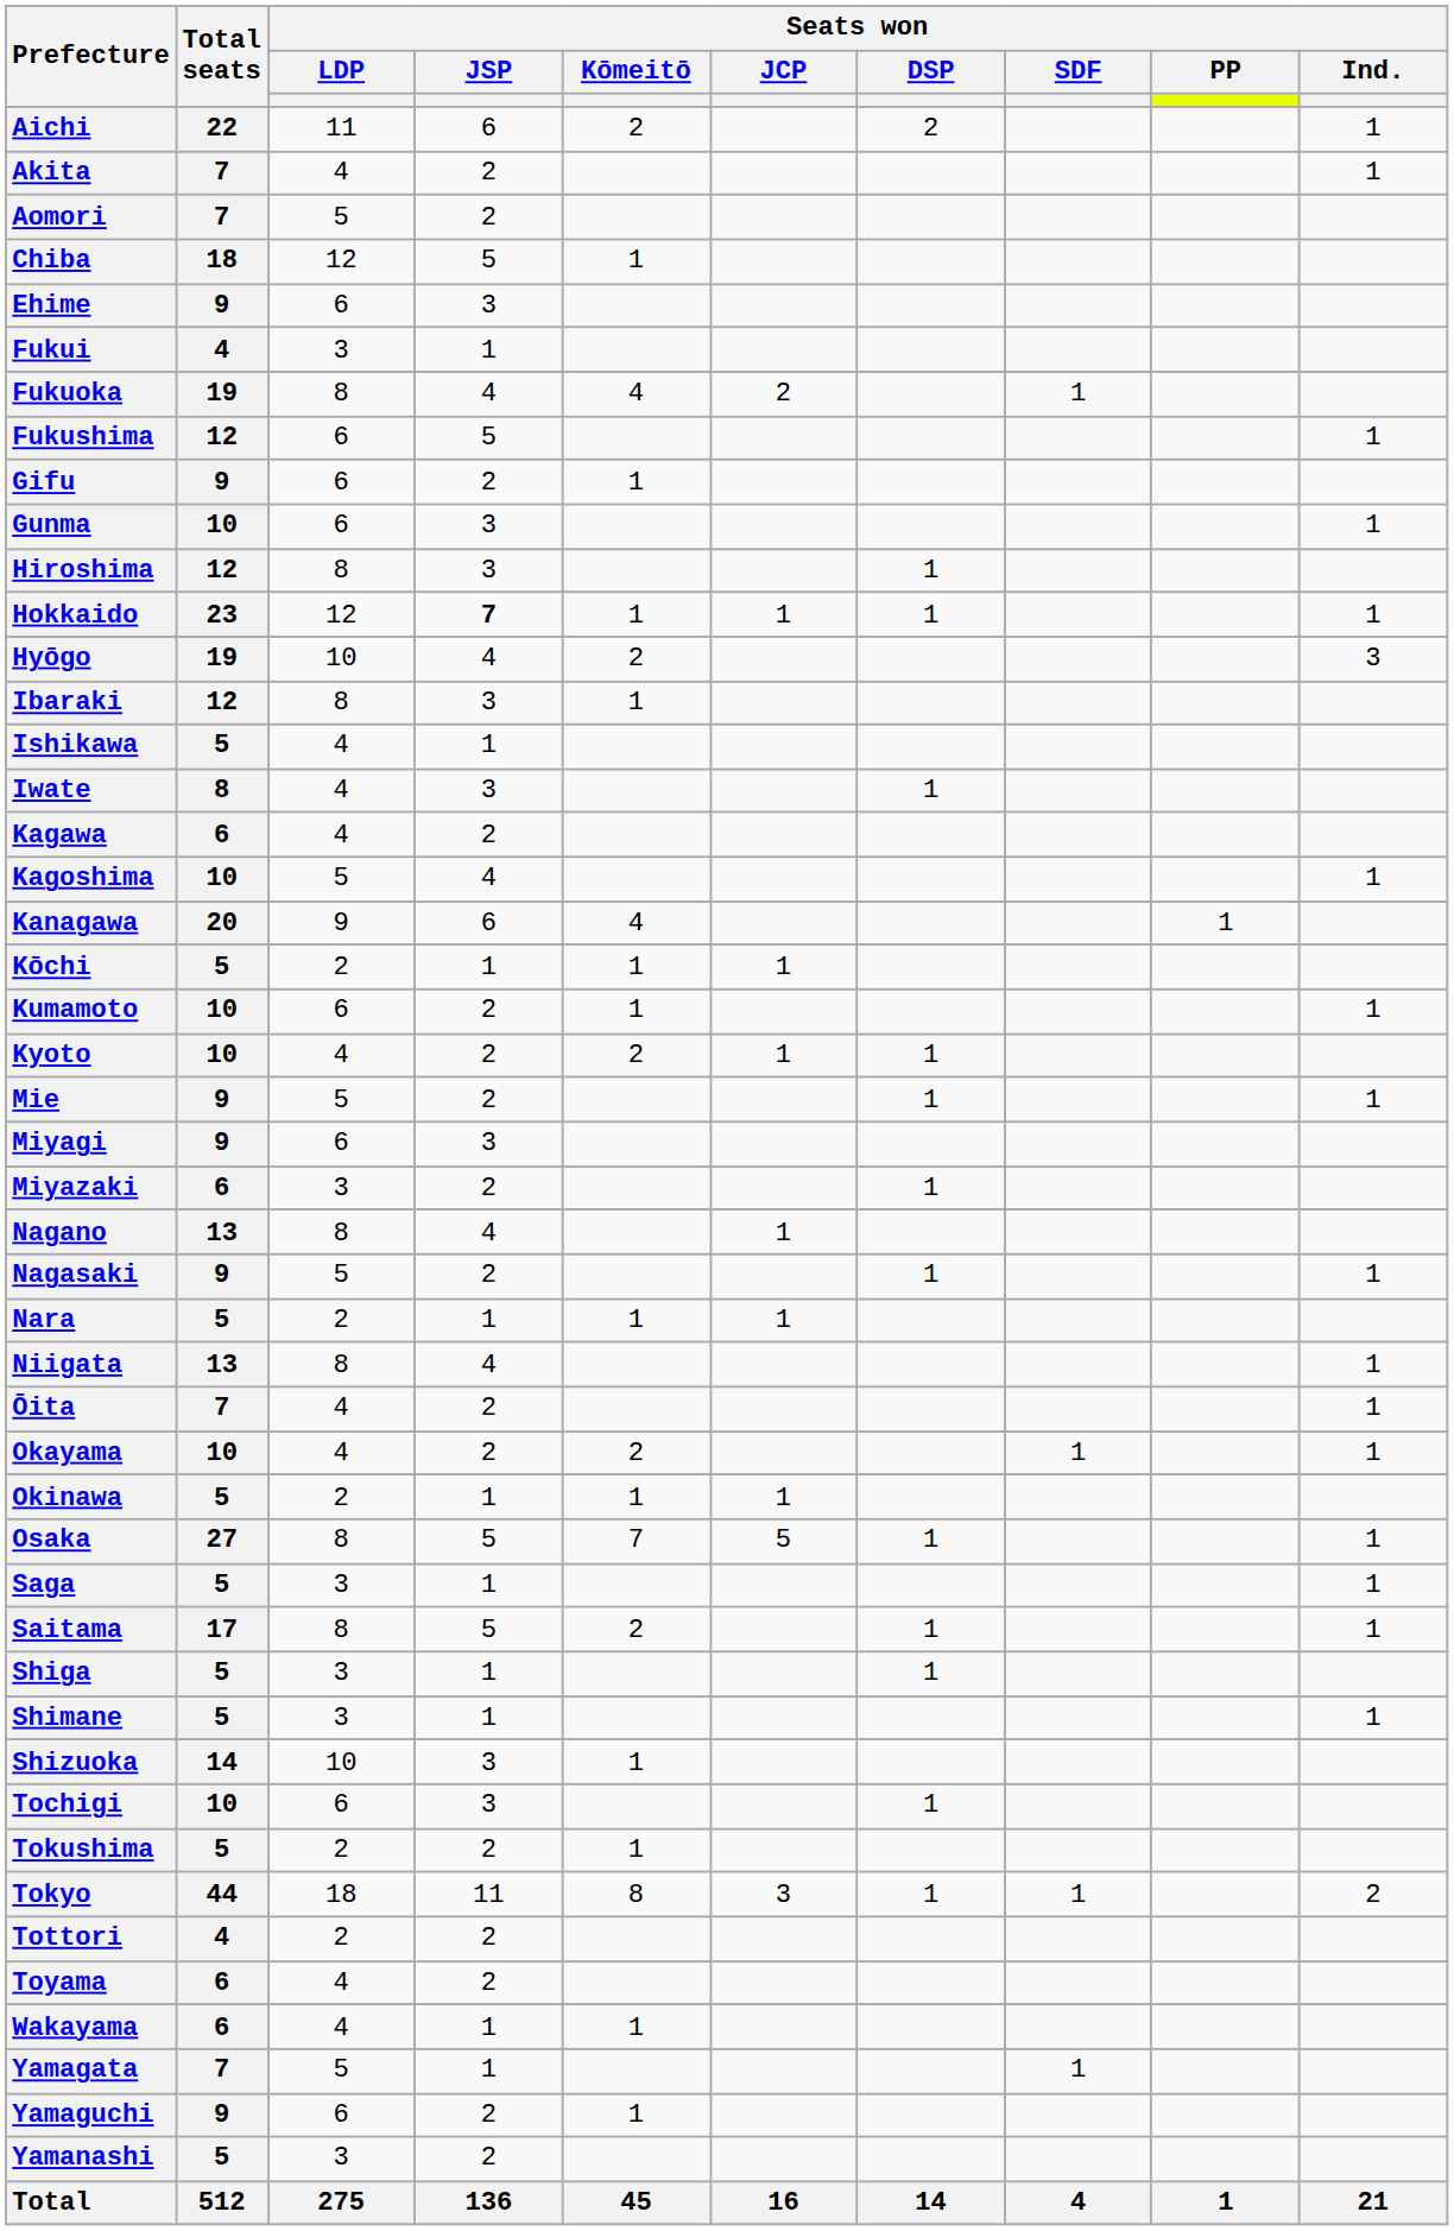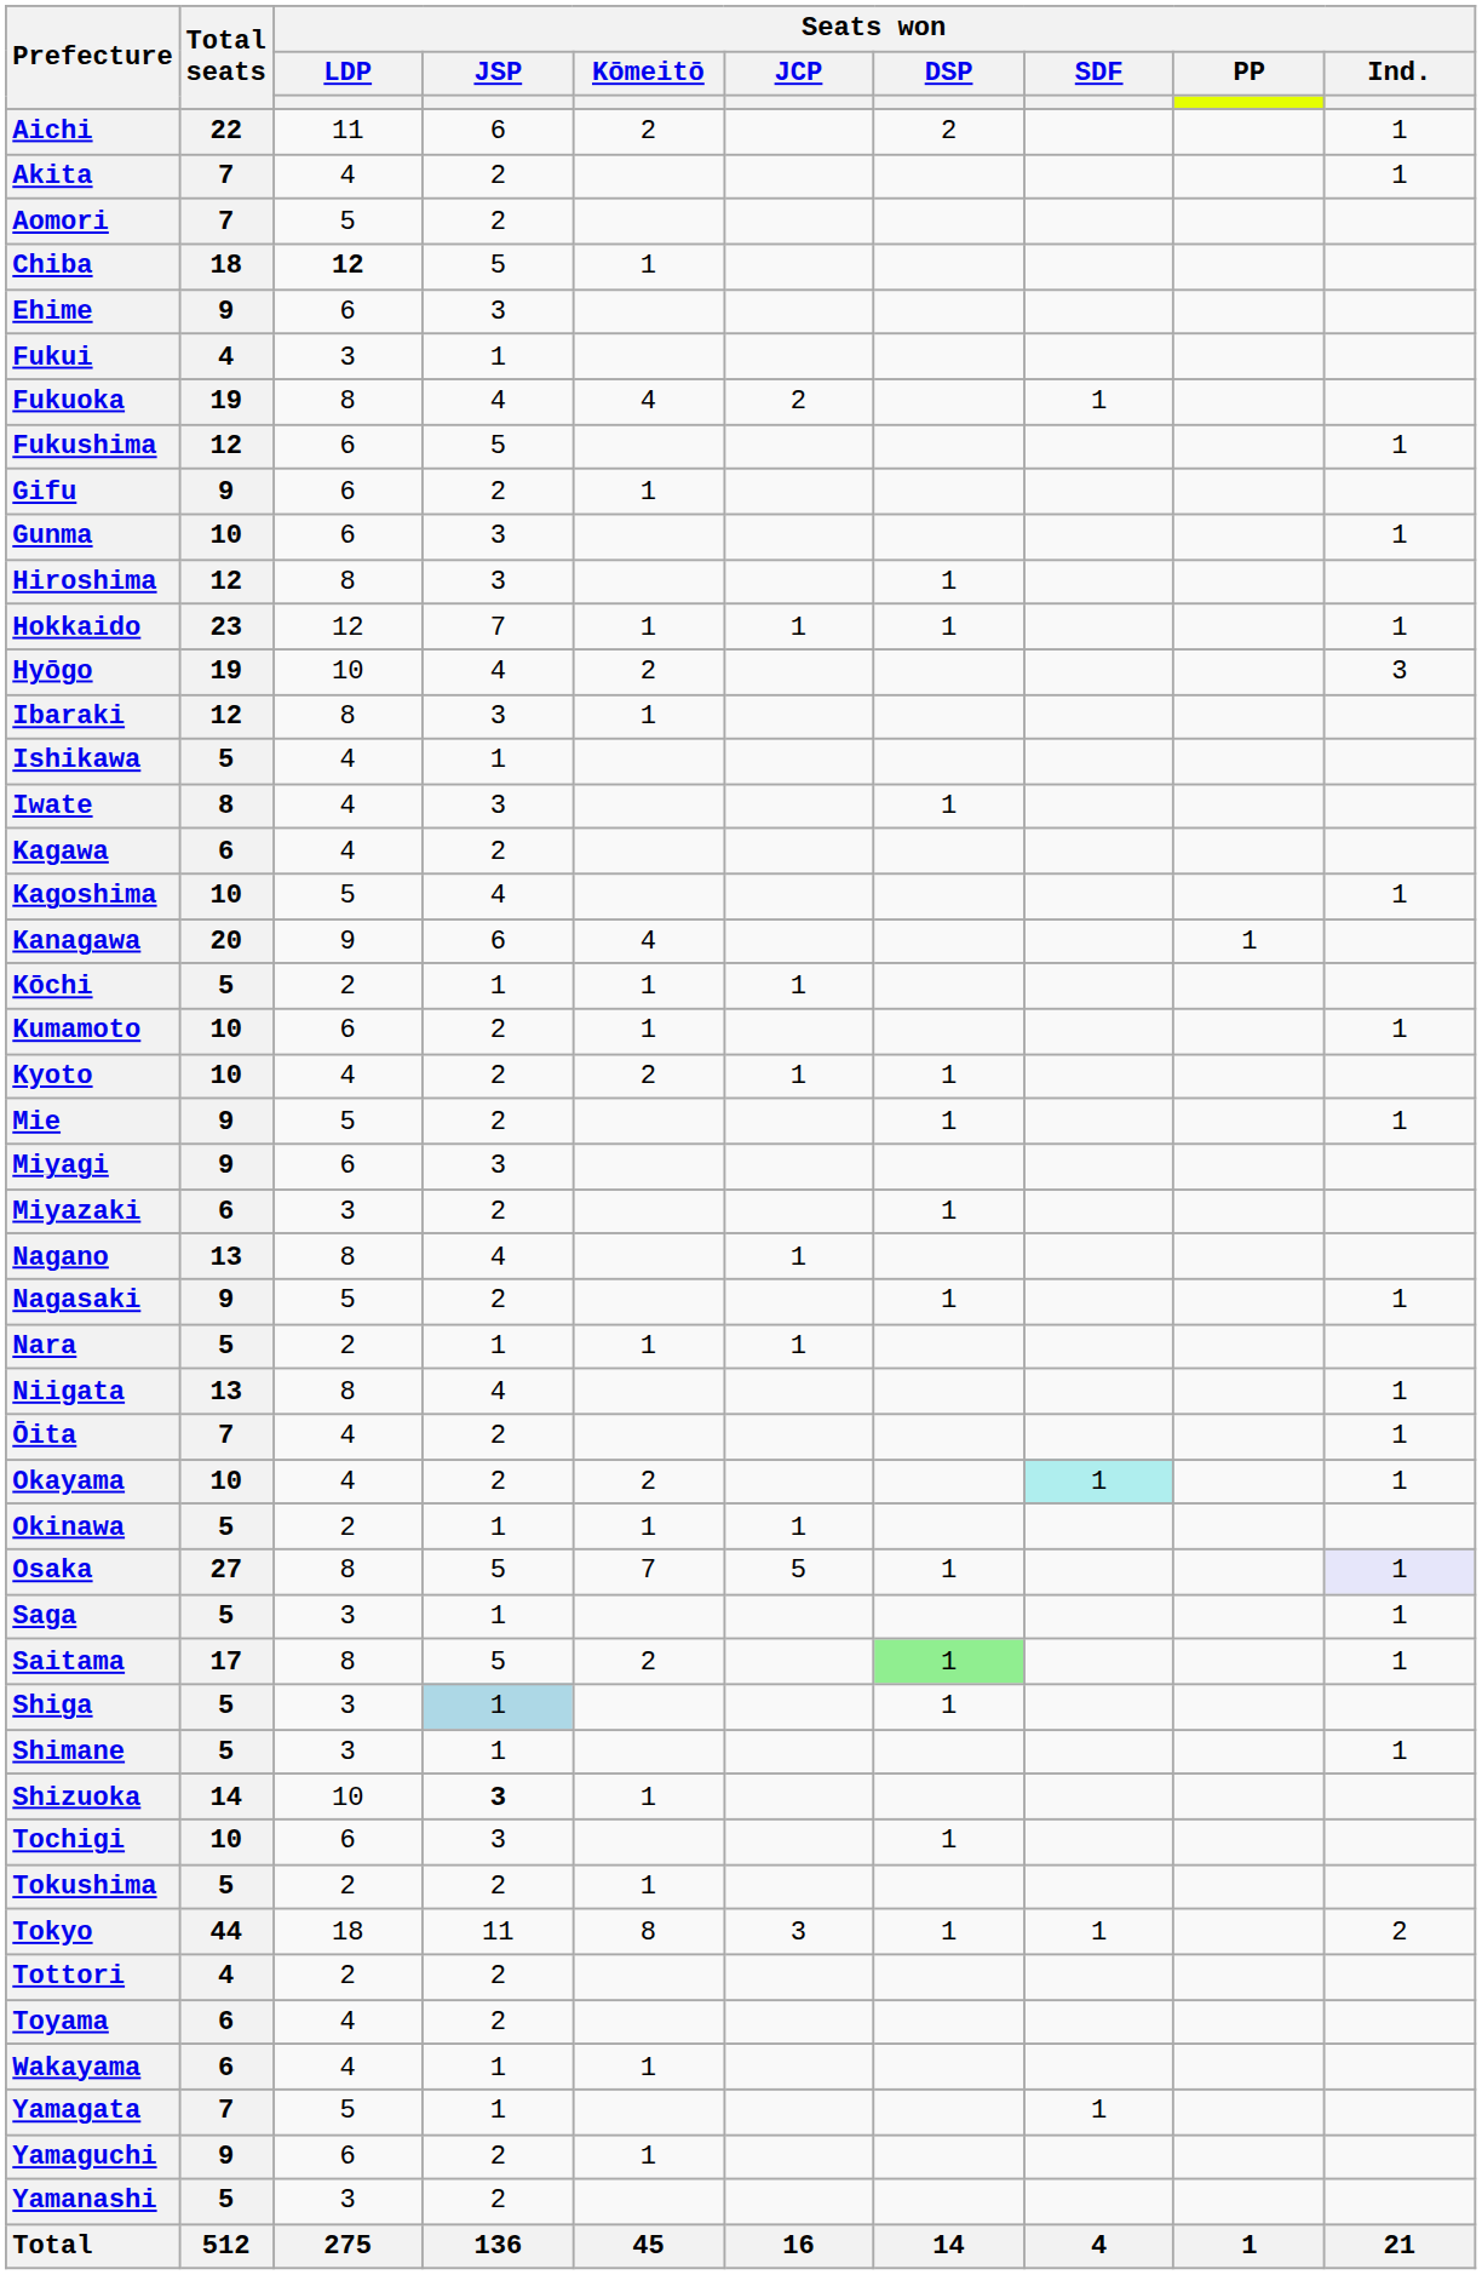 <table class="wikitable" style="text-align:center; font-size: 0.9em;">
 <tr>
 <th rowspan="3">Prefecture</th>
 <th rowspan="3">Total<br>seats</th>
 <th colspan="8">Seats won</th>
 </tr>
 <tr>
 <th class="unsortable" style="width:60px;"><a href='#'>LDP</a></th>
 <th class="unsortable" style="width:60px;"><a href='#'>JSP</a></th>
 <th class="unsortable" style="width:60px;"><a href='#'>Kōmeitō</a></th>
 <th class="unsortable" style="width:60px;"><a href='#'>JCP</a></th>
 <th class="unsortable" style="width:60px;"><a href='#'>DSP</a></th>
 <th class="unsortable" style="width:60px;"><a href='#'>SDF</a></th>
 <th class="unsortable" style="width:60px;">PP</th>
 <th class="unsortable" style="width:60px;">Ind.</th>
 </tr>
 <tr>
 <th style="background:"></th>
 <th style="background:"></th>
 <th style="background:"></th>
 <th style="background:"></th>
 <th style="background:"></th>
 <th style="background:"></th>
 <th style="background:#E5FF00;"></th>
 <th style="background:"></th>
 </tr>
 <tr>
 <th style="text-align: left;"><a href='#'>Aichi</a></th>
 <th>22</th>
 <td>11</td>
 <td>6</td>
 <td>2</td>
 <td></td>
 <td>2</td>
 <td></td>
 <td></td>
 <td>1</td>
 </tr>
 <tr>
 <th style="text-align: left;"><a href='#'>Akita</a></th>
 <th>7</th>
 <td>4</td>
 <td>2</td>
 <td></td>
 <td></td>
 <td></td>
 <td></td>
 <td></td>
 <td>1</td>
 </tr>
 <tr>
 <th style="text-align: left;"><a href='#'>Aomori</a></th>
 <th>7</th>
 <td>5</td>
 <td>2</td>
 <td></td>
 <td></td>
 <td></td>
 <td></td>
 <td></td>
 <td></td>
 </tr>
 <tr>
 <th style="text-align: left;"><a href='#'>Chiba</a></th>
 <th>18</th>
-<td>12</td>
+<td><strong>12</strong></td>
 <td>5</td>
 <td>1</td>
 <td></td>
 <td></td>
 <td></td>
 <td></td>
 <td></td>
 </tr>
 <tr>
 <th style="text-align: left;"><a href='#'>Ehime</a></th>
 <th>9</th>
 <td>6</td>
 <td>3</td>
 <td></td>
 <td></td>
 <td></td>
 <td></td>
 <td></td>
 <td></td>
 </tr>
 <tr>
 <th style="text-align: left;"><a href='#'>Fukui</a></th>
 <th>4</th>
 <td>3</td>
 <td>1</td>
 <td></td>
 <td></td>
 <td></td>
 <td></td>
 <td></td>
 <td></td>
 </tr>
 <tr>
 <th style="text-align: left;"><a href='#'>Fukuoka</a></th>
 <th>19</th>
 <td>8</td>
 <td>4</td>
 <td>4</td>
 <td>2</td>
 <td></td>
 <td>1</td>
 <td></td>
 <td></td>
 </tr>
 <tr>
 <th style="text-align: left;"><a href='#'>Fukushima</a></th>
 <th>12</th>
 <td>6</td>
 <td>5</td>
 <td></td>
 <td></td>
 <td></td>
 <td></td>
 <td></td>
 <td>1</td>
 </tr>
 <tr>
 <th style="text-align: left;"><a href='#'>Gifu</a></th>
 <th>9</th>
 <td>6</td>
 <td>2</td>
 <td>1</td>
 <td></td>
 <td></td>
 <td></td>
 <td></td>
 <td></td>
 </tr>
 <tr>
 <th style="text-align: left;"><a href='#'>Gunma</a></th>
 <th>10</th>
 <td>6</td>
 <td>3</td>
 <td></td>
 <td></td>
 <td></td>
 <td></td>
 <td></td>
 <td>1</td>
 </tr>
 <tr>
 <th style="text-align: left;"><a href='#'>Hiroshima</a></th>
 <th>12</th>
 <td>8</td>
 <td>3</td>
 <td></td>
 <td></td>
 <td>1</td>
 <td></td>
 <td></td>
 <td></td>
 </tr>
 <tr>
 <th style="text-align: left;"><a href='#'>Hokkaido</a></th>
 <th>23</th>
 <td>12</td>
-<td><strong>7</strong></td>
+<td>7</td>
 <td>1</td>
 <td>1</td>
 <td>1</td>
 <td></td>
 <td></td>
 <td>1</td>
 </tr>
 <tr>
 <th style="text-align: left;"><a href='#'>Hyōgo</a></th>
 <th>19</th>
 <td>10</td>
 <td>4</td>
 <td>2</td>
 <td></td>
 <td></td>
 <td></td>
 <td></td>
 <td>3</td>
 </tr>
 <tr>
 <th style="text-align: left;"><a href='#'>Ibaraki</a></th>
 <th>12</th>
 <td>8</td>
 <td>3</td>
 <td>1</td>
 <td></td>
 <td></td>
 <td></td>
 <td></td>
 <td></td>
 </tr>
 <tr>
 <th style="text-align: left;"><a href='#'>Ishikawa</a></th>
 <th>5</th>
 <td>4</td>
 <td>1</td>
 <td></td>
 <td></td>
 <td></td>
 <td></td>
 <td></td>
 <td></td>
 </tr>
 <tr>
 <th style="text-align: left;"><a href='#'>Iwate</a></th>
 <th>8</th>
 <td>4</td>
 <td>3</td>
 <td></td>
 <td></td>
 <td>1</td>
 <td></td>
 <td></td>
 <td></td>
 </tr>
 <tr>
 <th style="text-align: left;"><a href='#'>Kagawa</a></th>
 <th>6</th>
 <td>4</td>
 <td>2</td>
 <td></td>
 <td></td>
 <td></td>
 <td></td>
 <td></td>
 <td></td>
 </tr>
 <tr>
 <th style="text-align: left;"><a href='#'>Kagoshima</a></th>
 <th>10</th>
 <td>5</td>
 <td>4</td>
 <td></td>
 <td></td>
 <td></td>
 <td></td>
 <td></td>
 <td>1</td>
 </tr>
 <tr>
 <th style="text-align: left;"><a href='#'>Kanagawa</a></th>
 <th>20</th>
 <td>9</td>
 <td>6</td>
 <td>4</td>
 <td></td>
 <td></td>
 <td></td>
 <td>1</td>
 <td></td>
 </tr>
 <tr>
 <th style="text-align: left;"><a href='#'>Kōchi</a></th>
 <th>5</th>
 <td>2</td>
 <td>1</td>
 <td>1</td>
 <td>1</td>
 <td></td>
 <td></td>
 <td></td>
 <td></td>
 </tr>
 <tr>
 <th style="text-align: left;"><a href='#'>Kumamoto</a></th>
 <th>10</th>
 <td>6</td>
 <td>2</td>
 <td>1</td>
 <td></td>
 <td></td>
 <td></td>
 <td></td>
 <td>1</td>
 </tr>
 <tr>
 <th style="text-align: left;"><a href='#'>Kyoto</a></th>
 <th>10</th>
 <td>4</td>
 <td>2</td>
 <td>2</td>
 <td>1</td>
 <td>1</td>
 <td></td>
 <td></td>
 <td></td>
 </tr>
 <tr>
 <th style="text-align: left;"><a href='#'>Mie</a></th>
 <th>9</th>
 <td>5</td>
 <td>2</td>
 <td></td>
 <td></td>
 <td>1</td>
 <td></td>
 <td></td>
 <td>1</td>
 </tr>
 <tr>
 <th style="text-align: left;"><a href='#'>Miyagi</a></th>
 <th>9</th>
 <td>6</td>
 <td>3</td>
 <td></td>
 <td></td>
 <td></td>
 <td></td>
 <td></td>
 <td></td>
 </tr>
 <tr>
 <th style="text-align: left;"><a href='#'>Miyazaki</a></th>
 <th>6</th>
 <td>3</td>
 <td>2</td>
 <td></td>
 <td></td>
 <td>1</td>
 <td></td>
 <td></td>
 <td></td>
 </tr>
 <tr>
 <th style="text-align: left;"><a href='#'>Nagano</a></th>
 <th>13</th>
 <td>8</td>
 <td>4</td>
 <td></td>
 <td>1</td>
 <td></td>
 <td></td>
 <td></td>
 <td></td>
 </tr>
 <tr>
 <th style="text-align: left;"><a href='#'>Nagasaki</a></th>
 <th>9</th>
 <td>5</td>
 <td>2</td>
 <td></td>
 <td></td>
 <td>1</td>
 <td></td>
 <td></td>
 <td>1</td>
 </tr>
 <tr>
 <th style="text-align: left;"><a href='#'>Nara</a></th>
 <th>5</th>
 <td>2</td>
 <td>1</td>
 <td>1</td>
 <td>1</td>
 <td></td>
 <td></td>
 <td></td>
 <td></td>
 </tr>
 <tr>
 <th style="text-align: left;"><a href='#'>Niigata</a></th>
 <th>13</th>
 <td>8</td>
 <td>4</td>
 <td></td>
 <td></td>
 <td></td>
 <td></td>
 <td></td>
 <td>1</td>
 </tr>
 <tr>
 <th style="text-align: left;"><a href='#'>Ōita</a></th>
 <th>7</th>
 <td>4</td>
 <td>2</td>
 <td></td>
 <td></td>
 <td></td>
 <td></td>
 <td></td>
 <td>1</td>
 </tr>
 <tr>
 <th style="text-align: left;"><a href='#'>Okayama</a></th>
 <th>10</th>
 <td>4</td>
 <td>2</td>
 <td>2</td>
 <td></td>
 <td></td>
-<td>1</td>
+<td style="background: paleturquoise;">1</td>
 <td></td>
 <td>1</td>
 </tr>
 <tr>
 <th style="text-align: left;"><a href='#'>Okinawa</a></th>
 <th>5</th>
 <td>2</td>
 <td>1</td>
 <td>1</td>
 <td>1</td>
 <td></td>
 <td></td>
 <td></td>
 <td></td>
 </tr>
 <tr>
 <th style="text-align: left;"><a href='#'>Osaka</a></th>
 <th>27</th>
 <td>8</td>
 <td>5</td>
 <td>7</td>
 <td>5</td>
 <td>1</td>
 <td></td>
 <td></td>
-<td>1</td>
+<td style="background: lavender;">1</td>
 </tr>
 <tr>
 <th style="text-align: left;"><a href='#'>Saga</a></th>
 <th>5</th>
 <td>3</td>
 <td>1</td>
 <td></td>
 <td></td>
 <td></td>
 <td></td>
 <td></td>
 <td>1</td>
 </tr>
 <tr>
 <th style="text-align: left;"><a href='#'>Saitama</a></th>
 <th>17</th>
 <td>8</td>
 <td>5</td>
 <td>2</td>
 <td></td>
-<td>1</td>
+<td style="background: lightgreen;">1</td>
 <td></td>
 <td></td>
 <td>1</td>
 </tr>
 <tr>
 <th style="text-align: left;"><a href='#'>Shiga</a></th>
 <th>5</th>
 <td>3</td>
-<td>1</td>
+<td style="background: lightblue;">1</td>
 <td></td>
 <td></td>
 <td>1</td>
 <td></td>
 <td></td>
 <td></td>
 </tr>
 <tr>
 <th style="text-align: left;"><a href='#'>Shimane</a></th>
 <th>5</th>
 <td>3</td>
 <td>1</td>
 <td></td>
 <td></td>
 <td></td>
 <td></td>
 <td></td>
 <td>1</td>
 </tr>
 <tr>
 <th style="text-align: left;"><a href='#'>Shizuoka</a></th>
 <th>14</th>
 <td>10</td>
-<td>3</td>
+<td><strong>3</strong></td>
 <td>1</td>
 <td></td>
 <td></td>
 <td></td>
 <td></td>
 <td></td>
 </tr>
 <tr>
 <th style="text-align: left;"><a href='#'>Tochigi</a></th>
 <th>10</th>
 <td>6</td>
 <td>3</td>
 <td></td>
 <td></td>
 <td>1</td>
 <td></td>
 <td></td>
 <td></td>
 </tr>
 <tr>
 <th style="text-align: left;"><a href='#'>Tokushima</a></th>
 <th>5</th>
 <td>2</td>
 <td>2</td>
 <td>1</td>
 <td></td>
 <td></td>
 <td></td>
 <td></td>
 <td></td>
 </tr>
 <tr>
 <th style="text-align: left;"><a href='#'>Tokyo</a></th>
 <th>44</th>
 <td>18</td>
 <td>11</td>
 <td>8</td>
 <td>3</td>
 <td>1</td>
 <td>1</td>
 <td></td>
 <td>2</td>
 </tr>
 <tr>
 <th style="text-align: left;"><a href='#'>Tottori</a></th>
 <th>4</th>
 <td>2</td>
 <td>2</td>
 <td></td>
 <td></td>
 <td></td>
 <td></td>
 <td></td>
 <td></td>
 </tr>
 <tr>
 <th style="text-align: left;"><a href='#'>Toyama</a></th>
 <th>6</th>
 <td>4</td>
 <td>2</td>
 <td></td>
 <td></td>
 <td></td>
 <td></td>
 <td></td>
 <td></td>
 </tr>
 <tr>
 <th style="text-align: left;"><a href='#'>Wakayama</a></th>
 <th>6</th>
 <td>4</td>
 <td>1</td>
 <td>1</td>
 <td></td>
 <td></td>
 <td></td>
 <td></td>
 <td></td>
 </tr>
 <tr>
 <th style="text-align: left;"><a href='#'>Yamagata</a></th>
 <th>7</th>
 <td>5</td>
 <td>1</td>
 <td></td>
 <td></td>
 <td></td>
 <td>1</td>
 <td></td>
 <td></td>
 </tr>
 <tr>
 <th style="text-align: left;"><a href='#'>Yamaguchi</a></th>
 <th>9</th>
 <td>6</td>
 <td>2</td>
 <td>1</td>
 <td></td>
 <td></td>
 <td></td>
 <td></td>
 <td></td>
 </tr>
 <tr>
 <th style="text-align: left;"><a href='#'>Yamanashi</a></th>
 <th>5</th>
 <td>3</td>
 <td>2</td>
 <td></td>
 <td></td>
 <td></td>
 <td></td>
 <td></td>
 <td></td>
 </tr>
 <tr class="sortbottom">
 <th style="text-align: left;">Total</th>
 <th>512</th>
 <th>275</th>
 <th>136</th>
 <th>45</th>
 <th>16</th>
 <th>14</th>
 <th>4</th>
 <th>1</th>
 <th>21</th>
 </tr>
 </table>
